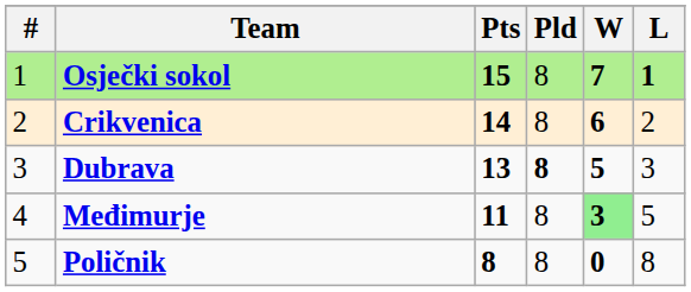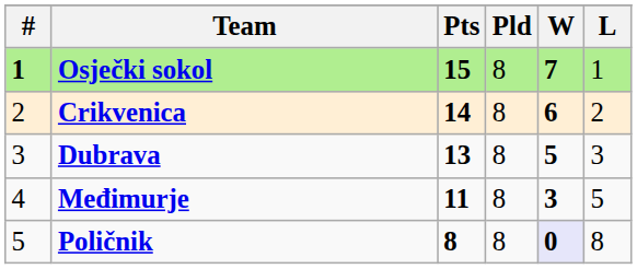 <table class=wikitable>
 <tr align=center>
 </tr>
 <tr>
 <th width=20>#</th>
 <th width=220>Team</th>
 <th width=20>Pts</th>
 <th width=20>Pld</th>
 <th width=20>W</th>
 <th width=20>L</th>
 </tr>
 <tr bgcolor=B0EE90>
-<td>1</td>
+<td><strong>1</strong></td>
 <td align="left"><strong><a href='#'>Osječki sokol</a></strong></td>
 <td><strong>15</strong></td>
 <td>8</td>
 <td><strong>7</strong></td>
-<td><strong>1</strong></td>
+<td>1</td>
 </tr>
 <tr bgcolor=FFEFD5>
 <td>2</td>
 <td align="left"><strong><a href='#'>Crikvenica</a></strong></td>
 <td><strong>14</strong></td>
 <td>8</td>
 <td><strong>6</strong></td>
 <td>2</td>
 </tr>
 <tr>
 <td>3</td>
 <td align="left"><strong><a href='#'>Dubrava</a></strong></td>
 <td><strong>13</strong></td>
-<td><strong>8</strong></td>
+<td>8</td>
 <td><strong>5</strong></td>
 <td>3</td>
 </tr>
 <tr>
 <td>4</td>
 <td align="left"><strong><a href='#'>Međimurje</a></strong></td>
 <td><strong>11</strong></td>
 <td>8</td>
-<td style="background: lightgreen;"><strong>3</strong></td>
+<td><strong>3</strong></td>
 <td>5</td>
 </tr>
 <tr>
 <td>5</td>
 <td align="left"><strong><a href='#'>Poličnik</a></strong></td>
 <td><strong>8</strong></td>
 <td>8</td>
-<td><strong>0</strong></td>
+<td style="background: lavender;"><strong>0</strong></td>
 <td>8</td>
 </tr>
 </table>
